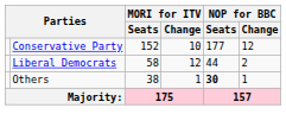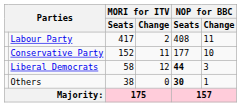 <table class="wikitable">
 <tr>
 <th colspan="2" rowspan="2">Parties</th>
 <th colspan="2">MORI for ITV</th>
 <th colspan="2">NOP for BBC</th>
 </tr>
 <tr>
 <th style="vertical-align:top;">Seats</th>
 <th style="vertical-align:top;">Change</th>
 <th>Seats</th>
 <th>Change</th>
 </tr>
 <tr>
 <td style="color:inherit;background:"></td>
+<td><a href='#'>Labour Party</a></td>
+<td style="text-align:right;">417</td>
+<td style="text-align:right;"> 2</td>
+<td>408</td>
+<td> 11</td>
+</tr>
+<tr>
+<td style="color:inherit;background:"></td>
 <td><a href='#'>Conservative Party</a></td>
 <td style="text-align:right;">152</td>
-<td style="text-align:right;"> 10</td>
+<td style="text-align:right;"> 11</td>
 <td>177</td>
-<td> 12</td>
+<td> 10</td>
 </tr>
 <tr>
 <td style="color:inherit;background:"></td>
 <td><a href='#'>Liberal Democrats</a></td>
 <td style="text-align:right;">58</td>
 <td style="text-align:right;"> 12</td>
-<td>44</td>
-<td> 2</td>
+<td><strong>44</strong></td>
+<td> 3</td>
 </tr>
 <tr>
 <td style="color:inherit;background:"></td>
 <td>Others</td>
 <td style="text-align:right;">38</td>
-<td style="text-align:right;"> 1</td>
+<td style="text-align:right;"> 0</td>
 <td><strong>30</strong></td>
 <td> 1</td>
 </tr>
 <tr>
 <th colspan=2 style="text-align:right;">Majority:</th>
 <th colspan=2 style="background:#FFCCDA;">175</th>
 <th colspan=2 style="background:#FFCCDA;">157</th>
 </tr>
 </table>
